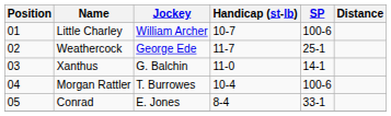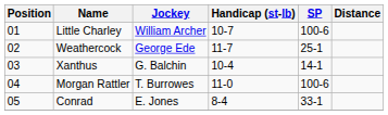 <table class="wikitable sortable">
 <tr>
 <th data-sort-type="number"><strong>Position</strong></th>
 <th>Name</th>
 <th><a href='#'>Jockey</a></th>
 <th>Handicap (<a href='#'>st</a>-<a href='#'>lb</a>)</th>
 <th><a href='#'>SP</a></th>
 <th>Distance</th>
 </tr>
 <tr>
 <td>01</td>
 <td>Little Charley</td>
 <td><a href='#'>William Archer</a></td>
 <td>10-7</td>
 <td>100-6</td>
 <td></td>
 </tr>
 <tr>
 <td>02</td>
 <td>Weathercock</td>
 <td><a href='#'>George Ede</a></td>
 <td>11-7</td>
 <td>25-1</td>
 <td></td>
 </tr>
 <tr>
 <td>03</td>
 <td>Xanthus</td>
 <td>G. Balchin</td>
-<td>11-0</td>
+<td>10-4</td>
 <td>14-1</td>
 <td></td>
 </tr>
 <tr>
 <td>04</td>
 <td>Morgan Rattler</td>
 <td>T. Burrowes</td>
-<td>10-4</td>
+<td>11-0</td>
 <td>100-6</td>
 <td></td>
 </tr>
 <tr>
 <td>05</td>
 <td>Conrad</td>
 <td>E. Jones</td>
 <td>8-4</td>
 <td>33-1</td>
 <td></td>
 </tr>
 <tr>
 </tr>
 </table>
